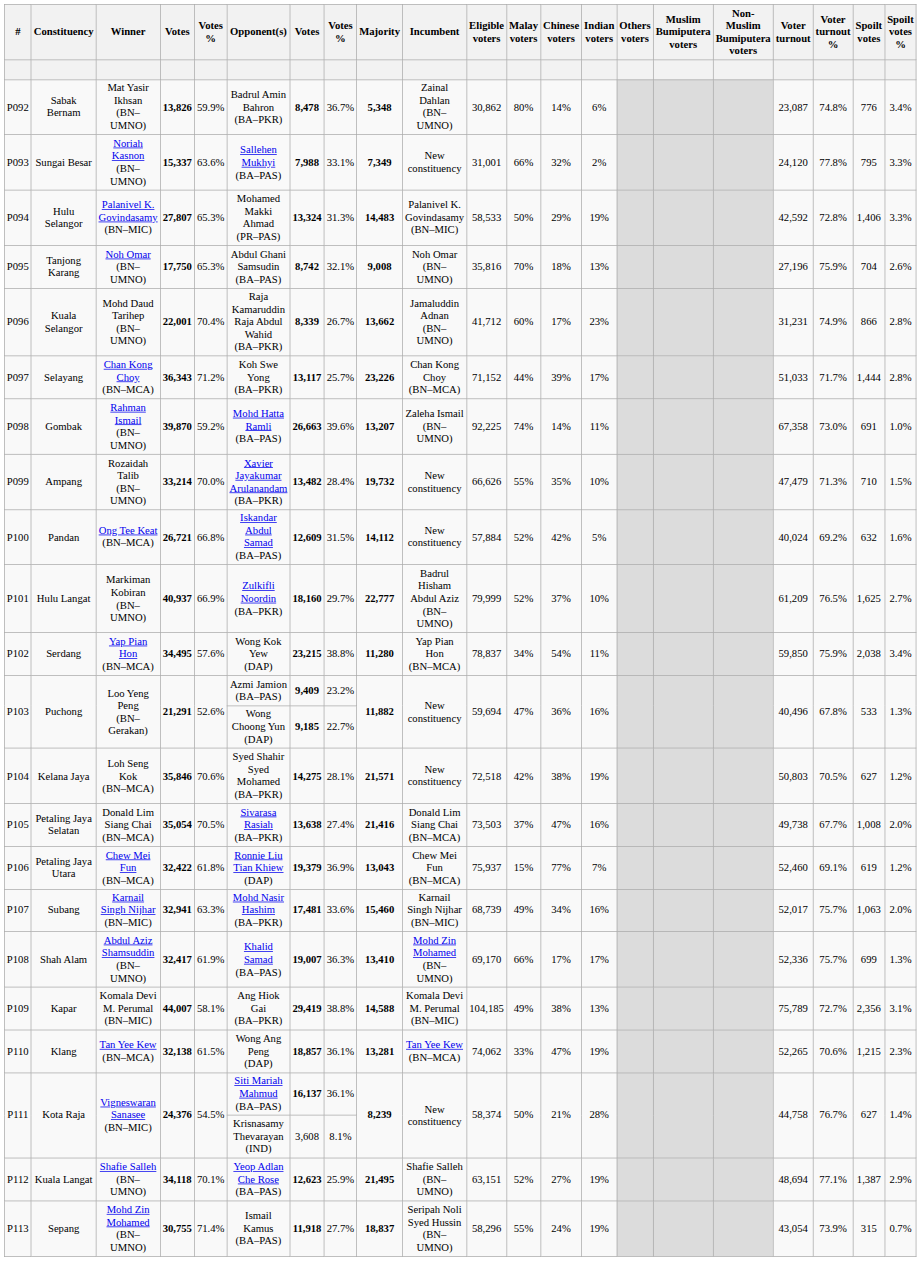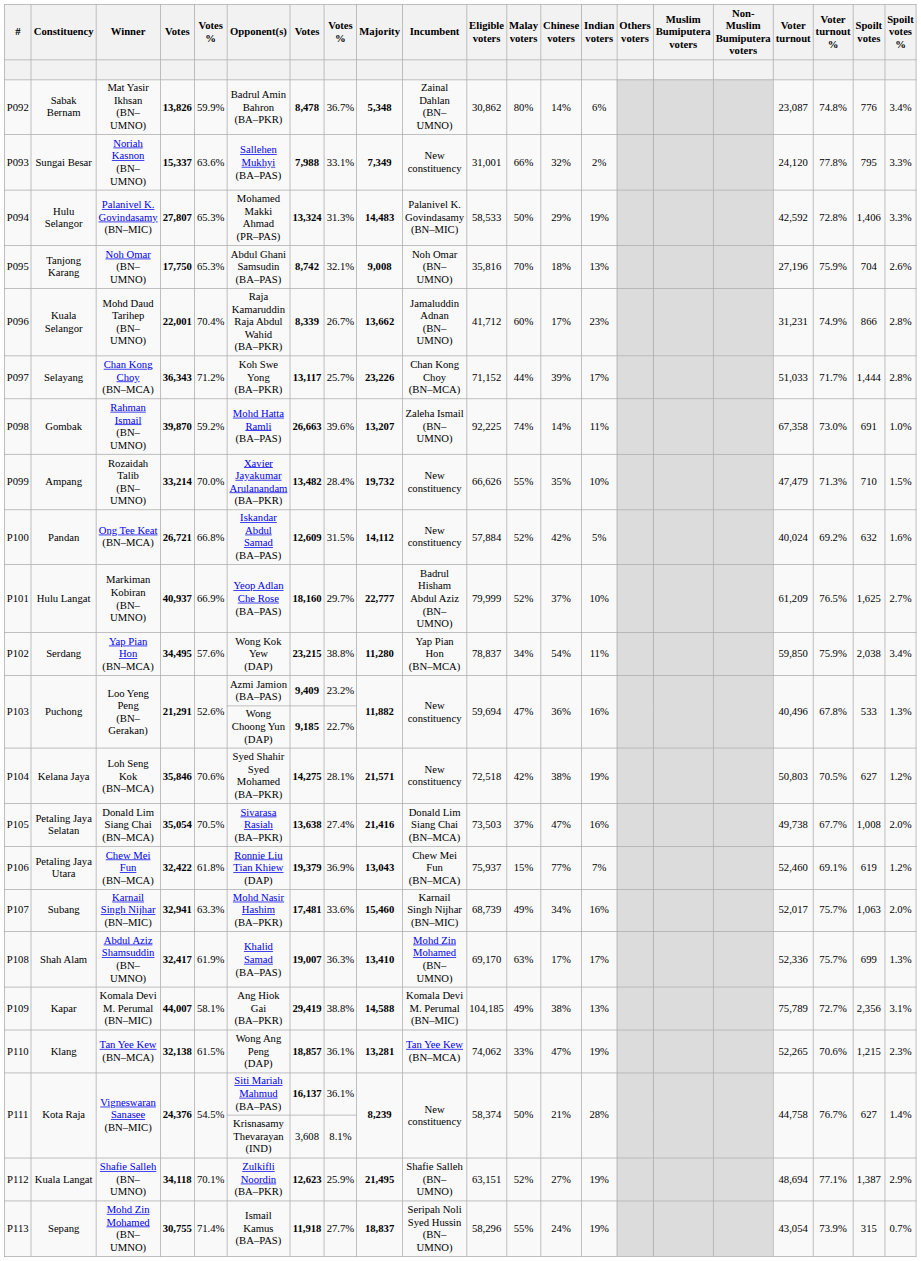 <table class="wikitable sortable" style="text-align:center; font-size:90%">
 <tr>
 <th width="30">#</th>
 <th width="60">Constituency</th>
 <th width="150">Winner</th>
 <th width="50">Votes</th>
 <th width="50">Votes %</th>
 <th width="150">Opponent(s)</th>
 <th width="50">Votes</th>
 <th width="50">Votes %</th>
 <th width="50">Majority</th>
 <th width="150">Incumbent</th>
 <th width="50">Eligible voters</th>
 <th width="50">Malay voters</th>
 <th width="50">Chinese voters</th>
 <th width="50">Indian voters</th>
 <th width="50">Others voters</th>
 <th width="50">Muslim Bumiputera voters</th>
 <th width="50">Non-Muslim Bumiputera voters</th>
 <th width="50">Voter turnout</th>
 <th width="50">Voter turnout %</th>
 <th width="50">Spoilt votes</th>
 <th width="50">Spoilt votes %</th>
 </tr>
 <tr>
 <th height="20"></th>
 <th></th>
 <th></th>
 <th></th>
 <th></th>
 <th></th>
 <th></th>
 <th></th>
 <th></th>
 <th></th>
 <th></th>
 <th></th>
 <th></th>
 <th></th>
 <th></th>
 <th></th>
 <th></th>
 <th></th>
 <th></th>
 <th></th>
 <th></th>
 </tr>
 <tr>
 <td>P092</td>
 <td>Sabak Bernam</td>
 <td>Mat Yasir Ikhsan<br>(BN–UMNO)</td>
 <td><strong>13,826</strong></td>
 <td>59.9%</td>
 <td>Badrul Amin Bahron<br>(BA–PKR)</td>
 <td><strong>8,478</strong></td>
 <td>36.7%</td>
 <td><strong>5,348</strong></td>
 <td>Zainal Dahlan<br>(BN–UMNO)</td>
 <td>30,862</td>
 <td>80%</td>
 <td>14%</td>
 <td>6%</td>
 <td bgcolor="dcdcdc"></td>
 <td bgcolor="dcdcdc"></td>
 <td bgcolor="dcdcdc"></td>
 <td>23,087</td>
 <td>74.8%</td>
 <td>776</td>
 <td>3.4%</td>
 </tr>
 <tr>
 <td>P093</td>
 <td>Sungai Besar</td>
 <td><a href='#'>Noriah Kasnon</a><br>(BN–UMNO)</td>
 <td><strong>15,337</strong></td>
 <td>63.6%</td>
 <td><a href='#'>Sallehen Mukhyi</a><br>(BA–PAS)</td>
 <td><strong>7,988</strong></td>
 <td>33.1%</td>
 <td><strong>7,349</strong></td>
 <td>New constituency</td>
 <td>31,001</td>
 <td>66%</td>
 <td>32%</td>
 <td>2%</td>
 <td bgcolor="dcdcdc"></td>
 <td bgcolor="dcdcdc"></td>
 <td bgcolor="dcdcdc"></td>
 <td>24,120</td>
 <td>77.8%</td>
 <td>795</td>
 <td>3.3%</td>
 </tr>
 <tr>
 <td>P094</td>
 <td>Hulu Selangor</td>
 <td><a href='#'>Palanivel K. Govindasamy</a><br>(BN–MIC)</td>
 <td><strong>27,807</strong></td>
 <td>65.3%</td>
 <td>Mohamed Makki Ahmad<br>(PR–PAS)</td>
 <td><strong>13,324</strong></td>
 <td>31.3%</td>
 <td><strong>14,483</strong></td>
 <td>Palanivel K. Govindasamy<br>(BN–MIC)</td>
 <td>58,533</td>
 <td>50%</td>
 <td>29%</td>
 <td>19%</td>
 <td bgcolor="dcdcdc"></td>
 <td bgcolor="dcdcdc"></td>
 <td bgcolor="dcdcdc"></td>
 <td>42,592</td>
 <td>72.8%</td>
 <td>1,406</td>
 <td>3.3%</td>
 </tr>
 <tr>
 <td>P095</td>
 <td>Tanjong Karang</td>
 <td><a href='#'>Noh Omar</a><br>(BN–UMNO)</td>
 <td><strong>17,750</strong></td>
 <td>65.3%</td>
 <td>Abdul Ghani Samsudin<br>(BA–PAS)</td>
 <td><strong>8,742</strong></td>
 <td>32.1%</td>
 <td><strong>9,008</strong></td>
 <td>Noh Omar<br>(BN–UMNO)</td>
 <td>35,816</td>
 <td>70%</td>
 <td>18%</td>
 <td>13%</td>
 <td bgcolor="dcdcdc"></td>
 <td bgcolor="dcdcdc"></td>
 <td bgcolor="dcdcdc"></td>
 <td>27,196</td>
 <td>75.9%</td>
 <td>704</td>
 <td>2.6%</td>
 </tr>
 <tr>
 <td>P096</td>
 <td>Kuala Selangor</td>
 <td>Mohd Daud Tarihep<br>(BN–UMNO)</td>
 <td><strong>22,001</strong></td>
 <td>70.4%</td>
 <td>Raja Kamaruddin Raja Abdul Wahid<br>(BA–PKR)</td>
 <td><strong>8,339</strong></td>
 <td>26.7%</td>
 <td><strong>13,662</strong></td>
 <td>Jamaluddin Adnan<br>(BN–UMNO)</td>
 <td>41,712</td>
 <td>60%</td>
 <td>17%</td>
 <td>23%</td>
 <td bgcolor="dcdcdc"></td>
 <td bgcolor="dcdcdc"></td>
 <td bgcolor="dcdcdc"></td>
 <td>31,231</td>
 <td>74.9%</td>
 <td>866</td>
 <td>2.8%</td>
 </tr>
 <tr>
 <td>P097</td>
 <td>Selayang</td>
 <td><a href='#'>Chan Kong Choy</a><br>(BN–MCA)</td>
 <td><strong>36,343</strong></td>
 <td>71.2%</td>
 <td>Koh Swe Yong<br>(BA–PKR)</td>
 <td><strong>13,117</strong></td>
 <td>25.7%</td>
 <td><strong>23,226</strong></td>
 <td>Chan Kong Choy<br>(BN–MCA)</td>
 <td>71,152</td>
 <td>44%</td>
 <td>39%</td>
 <td>17%</td>
 <td bgcolor="dcdcdc"></td>
 <td bgcolor="dcdcdc"></td>
 <td bgcolor="dcdcdc"></td>
 <td>51,033</td>
 <td>71.7%</td>
 <td>1,444</td>
 <td>2.8%</td>
 </tr>
 <tr>
 <td>P098</td>
 <td>Gombak</td>
 <td><a href='#'>Rahman Ismail</a><br>(BN–UMNO)</td>
 <td><strong>39,870</strong></td>
 <td>59.2%</td>
 <td><a href='#'>Mohd Hatta Ramli</a><br>(BA–PAS)</td>
 <td><strong>26,663</strong></td>
 <td>39.6%</td>
 <td><strong>13,207</strong></td>
 <td>Zaleha Ismail<br>(BN–UMNO)</td>
 <td>92,225</td>
 <td>74%</td>
 <td>14%</td>
 <td>11%</td>
 <td bgcolor="dcdcdc"></td>
 <td bgcolor="dcdcdc"></td>
 <td bgcolor="dcdcdc"></td>
 <td>67,358</td>
 <td>73.0%</td>
 <td>691</td>
 <td>1.0%</td>
 </tr>
 <tr>
 <td>P099</td>
 <td>Ampang</td>
 <td>Rozaidah Talib<br>(BN–UMNO)</td>
 <td><strong>33,214</strong></td>
 <td>70.0%</td>
 <td><a href='#'>Xavier Jayakumar Arulanandam</a><br>(BA–PKR)</td>
 <td><strong>13,482</strong></td>
 <td>28.4%</td>
 <td><strong>19,732</strong></td>
 <td>New constituency</td>
 <td>66,626</td>
 <td>55%</td>
 <td>35%</td>
 <td>10%</td>
 <td bgcolor="dcdcdc"></td>
 <td bgcolor="dcdcdc"></td>
 <td bgcolor="dcdcdc"></td>
 <td>47,479</td>
 <td>71.3%</td>
 <td>710</td>
 <td>1.5%</td>
 </tr>
 <tr>
 <td>P100</td>
 <td>Pandan</td>
 <td><a href='#'>Ong Tee Keat</a><br>(BN–MCA)</td>
 <td><strong>26,721</strong></td>
 <td>66.8%</td>
 <td><a href='#'>Iskandar Abdul Samad</a><br>(BA–PAS)</td>
 <td><strong>12,609</strong></td>
 <td>31.5%</td>
 <td><strong>14,112</strong></td>
 <td>New constituency</td>
 <td>57,884</td>
 <td>52%</td>
 <td>42%</td>
 <td>5%</td>
 <td bgcolor="dcdcdc"></td>
 <td bgcolor="dcdcdc"></td>
 <td bgcolor="dcdcdc"></td>
 <td>40,024</td>
 <td>69.2%</td>
 <td>632</td>
 <td>1.6%</td>
 </tr>
 <tr>
 <td>P101</td>
 <td>Hulu Langat</td>
 <td>Markiman Kobiran<br>(BN–UMNO)</td>
 <td><strong>40,937</strong></td>
 <td>66.9%</td>
-<td><a href='#'>Zulkifli Noordin</a><br>(BA–PKR)</td>
+<td><a href='#'>Yeop Adlan Che Rose</a><br>(BA–PAS)</td>
 <td><strong>18,160</strong></td>
 <td>29.7%</td>
 <td><strong>22,777</strong></td>
 <td>Badrul Hisham Abdul Aziz<br>(BN–UMNO)</td>
 <td>79,999</td>
 <td>52%</td>
 <td>37%</td>
 <td>10%</td>
 <td bgcolor="dcdcdc"></td>
 <td bgcolor="dcdcdc"></td>
 <td bgcolor="dcdcdc"></td>
 <td>61,209</td>
 <td>76.5%</td>
 <td>1,625</td>
 <td>2.7%</td>
 </tr>
 <tr>
 <td>P102</td>
 <td>Serdang</td>
 <td><a href='#'>Yap Pian Hon</a><br>(BN–MCA)</td>
 <td><strong>34,495</strong></td>
 <td>57.6%</td>
 <td>Wong Kok Yew<br>(DAP)</td>
 <td><strong>23,215</strong></td>
 <td>38.8%</td>
 <td><strong>11,280</strong></td>
 <td>Yap Pian Hon<br>(BN–MCA)</td>
 <td>78,837</td>
 <td>34%</td>
 <td>54%</td>
 <td>11%</td>
 <td bgcolor="dcdcdc"></td>
 <td bgcolor="dcdcdc"></td>
 <td bgcolor="dcdcdc"></td>
 <td>59,850</td>
 <td>75.9%</td>
 <td>2,038</td>
 <td>3.4%</td>
 </tr>
 <tr>
 <td rowspan="2">P103</td>
 <td rowspan="2">Puchong</td>
 <td rowspan="2">Loo Yeng Peng<br>(BN–Gerakan)</td>
 <td rowspan="2"><strong>21,291</strong></td>
 <td rowspan="2">52.6%</td>
 <td>Azmi Jamion<br>(BA–PAS)</td>
 <td><strong>9,409</strong></td>
 <td>23.2%</td>
 <td rowspan="2"><strong>11,882</strong></td>
 <td rowspan="2">New constituency</td>
 <td rowspan="2">59,694</td>
 <td rowspan="2">47%</td>
 <td rowspan="2">36%</td>
 <td rowspan="2">16%</td>
 <td rowspan="2" bgcolor="dcdcdc"></td>
 <td rowspan="2" bgcolor="dcdcdc"></td>
 <td rowspan="2" bgcolor="dcdcdc"></td>
 <td rowspan="2">40,496</td>
 <td rowspan="2">67.8%</td>
 <td rowspan="2">533</td>
 <td rowspan="2">1.3%</td>
 </tr>
 <tr>
 <td>Wong Choong Yun<br>(DAP)</td>
 <td><strong>9,185</strong></td>
 <td>22.7%</td>
 </tr>
 <tr>
 <td>P104</td>
 <td>Kelana Jaya</td>
 <td>Loh Seng Kok<br>(BN–MCA)</td>
 <td><strong>35,846</strong></td>
 <td>70.6%</td>
 <td>Syed Shahir Syed Mohamed<br>(BA–PKR)</td>
 <td><strong>14,275</strong></td>
 <td>28.1%</td>
 <td><strong>21,571</strong></td>
 <td>New constituency</td>
 <td>72,518</td>
 <td>42%</td>
 <td>38%</td>
 <td>19%</td>
 <td bgcolor="dcdcdc"></td>
 <td bgcolor="dcdcdc"></td>
 <td bgcolor="dcdcdc"></td>
 <td>50,803</td>
 <td>70.5%</td>
 <td>627</td>
 <td>1.2%</td>
 </tr>
 <tr>
 <td>P105</td>
 <td>Petaling Jaya Selatan</td>
 <td>Donald Lim Siang Chai<br>(BN–MCA)</td>
 <td><strong>35,054</strong></td>
 <td>70.5%</td>
 <td><a href='#'>Sivarasa Rasiah</a><br>(BA–PKR)</td>
 <td><strong>13,638</strong></td>
 <td>27.4%</td>
 <td><strong>21,416</strong></td>
 <td>Donald Lim Siang Chai<br>(BN–MCA)</td>
 <td>73,503</td>
 <td>37%</td>
 <td>47%</td>
 <td>16%</td>
 <td bgcolor="dcdcdc"></td>
 <td bgcolor="dcdcdc"></td>
 <td bgcolor="dcdcdc"></td>
 <td>49,738</td>
 <td>67.7%</td>
 <td>1,008</td>
 <td>2.0%</td>
 </tr>
 <tr>
 <td>P106</td>
 <td>Petaling Jaya Utara</td>
 <td><a href='#'>Chew Mei Fun</a><br>(BN–MCA)</td>
 <td><strong>32,422</strong></td>
 <td>61.8%</td>
 <td><a href='#'>Ronnie Liu Tian Khiew</a><br>(DAP)</td>
 <td><strong>19,379</strong></td>
 <td>36.9%</td>
 <td><strong>13,043</strong></td>
 <td>Chew Mei Fun<br>(BN–MCA)</td>
 <td>75,937</td>
 <td>15%</td>
 <td>77%</td>
 <td>7%</td>
 <td bgcolor="dcdcdc"></td>
 <td bgcolor="dcdcdc"></td>
 <td bgcolor="dcdcdc"></td>
 <td>52,460</td>
 <td>69.1%</td>
 <td>619</td>
 <td>1.2%</td>
 </tr>
 <tr>
 <td>P107</td>
 <td>Subang</td>
 <td><a href='#'>Karnail Singh Nijhar</a><br>(BN–MIC)</td>
 <td><strong>32,941</strong></td>
 <td>63.3%</td>
 <td><a href='#'>Mohd Nasir Hashim</a><br>(BA–PKR)</td>
 <td><strong>17,481</strong></td>
 <td>33.6%</td>
 <td><strong>15,460</strong></td>
 <td>Karnail Singh Nijhar<br>(BN–MIC)</td>
 <td>68,739</td>
 <td>49%</td>
 <td>34%</td>
 <td>16%</td>
 <td bgcolor="dcdcdc"></td>
 <td bgcolor="dcdcdc"></td>
 <td bgcolor="dcdcdc"></td>
 <td>52,017</td>
 <td>75.7%</td>
 <td>1,063</td>
 <td>2.0%</td>
 </tr>
 <tr>
 <td>P108</td>
 <td>Shah Alam</td>
 <td><a href='#'>Abdul Aziz Shamsuddin</a><br>(BN–UMNO)</td>
 <td><strong>32,417</strong></td>
 <td>61.9%</td>
 <td><a href='#'>Khalid Samad</a><br>(BA–PAS)</td>
 <td><strong>19,007</strong></td>
 <td>36.3%</td>
 <td><strong>13,410</strong></td>
 <td><a href='#'>Mohd Zin Mohamed</a><br>(BN–UMNO)</td>
 <td>69,170</td>
-<td>66%</td>
+<td>63%</td>
 <td>17%</td>
 <td>17%</td>
 <td bgcolor="dcdcdc"></td>
 <td bgcolor="dcdcdc"></td>
 <td bgcolor="dcdcdc"></td>
 <td>52,336</td>
 <td>75.7%</td>
 <td>699</td>
 <td>1.3%</td>
 </tr>
 <tr>
 <td>P109</td>
 <td>Kapar</td>
 <td>Komala Devi M. Perumal<br>(BN–MIC)</td>
 <td><strong>44,007</strong></td>
 <td>58.1%</td>
 <td>Ang Hiok Gai<br>(BA–PKR)</td>
 <td><strong>29,419</strong></td>
 <td>38.8%</td>
 <td><strong>14,588</strong></td>
 <td>Komala Devi M. Perumal<br>(BN–MIC)</td>
 <td>104,185</td>
 <td>49%</td>
 <td>38%</td>
 <td>13%</td>
 <td bgcolor="dcdcdc"></td>
 <td bgcolor="dcdcdc"></td>
 <td bgcolor="dcdcdc"></td>
 <td>75,789</td>
 <td>72.7%</td>
 <td>2,356</td>
 <td>3.1%</td>
 </tr>
 <tr>
 <td>P110</td>
 <td>Klang</td>
 <td><a href='#'>Tan Yee Kew</a><br>(BN–MCA)</td>
 <td><strong>32,138</strong></td>
 <td>61.5%</td>
 <td>Wong Ang Peng<br>(DAP)</td>
 <td><strong>18,857</strong></td>
 <td>36.1%</td>
 <td><strong>13,281</strong></td>
 <td><a href='#'>Tan Yee Kew</a><br>(BN–MCA)</td>
 <td>74,062</td>
 <td>33%</td>
 <td>47%</td>
 <td>19%</td>
 <td bgcolor="dcdcdc"></td>
 <td bgcolor="dcdcdc"></td>
 <td bgcolor="dcdcdc"></td>
 <td>52,265</td>
 <td>70.6%</td>
 <td>1,215</td>
 <td>2.3%</td>
 </tr>
 <tr>
 <td rowspan=2>P111</td>
 <td rowspan=2>Kota Raja</td>
 <td rowspan=2><a href='#'>Vigneswaran Sanasee</a><br>(BN–MIC)</td>
 <td rowspan=2><strong>24,376</strong></td>
 <td rowspan=2>54.5%</td>
 <td><a href='#'>Siti Mariah Mahmud</a><br>(BA–PAS)</td>
 <td><strong>16,137</strong></td>
 <td>36.1%</td>
 <td rowspan=2><strong>8,239</strong></td>
 <td rowspan=2>New constituency</td>
 <td rowspan=2>58,374</td>
 <td rowspan=2>50%</td>
 <td rowspan=2>21%</td>
 <td rowspan=2>28%</td>
 <td rowspan=2 bgcolor="dcdcdc"></td>
 <td rowspan=2 bgcolor="dcdcdc"></td>
 <td rowspan=2 bgcolor="dcdcdc"></td>
 <td rowspan=2>44,758</td>
 <td rowspan=2>76.7%</td>
 <td rowspan=2>627</td>
 <td rowspan=2>1.4%</td>
 </tr>
 <tr>
 <td>Krisnasamy Thevarayan<br>(IND)</td>
 <td>3,608</td>
 <td>8.1%</td>
 </tr>
 <tr>
 <td>P112</td>
 <td>Kuala Langat</td>
 <td><a href='#'>Shafie Salleh</a><br>(BN–UMNO)</td>
 <td><strong>34,118</strong></td>
 <td>70.1%</td>
-<td><a href='#'>Yeop Adlan Che Rose</a><br>(BA–PAS)</td>
+<td><a href='#'>Zulkifli Noordin</a><br>(BA–PKR)</td>
 <td><strong>12,623</strong></td>
 <td>25.9%</td>
 <td><strong>21,495</strong></td>
 <td>Shafie Salleh<br>(BN–UMNO)</td>
 <td>63,151</td>
 <td>52%</td>
 <td>27%</td>
 <td>19%</td>
 <td bgcolor="dcdcdc"></td>
 <td bgcolor="dcdcdc"></td>
 <td bgcolor="dcdcdc"></td>
 <td>48,694</td>
 <td>77.1%</td>
 <td>1,387</td>
 <td>2.9%</td>
 </tr>
 <tr>
 <td>P113</td>
 <td>Sepang</td>
 <td><a href='#'>Mohd Zin Mohamed</a><br>(BN–UMNO)</td>
 <td><strong>30,755</strong></td>
 <td>71.4%</td>
 <td>Ismail Kamus<br>(BA–PAS)</td>
 <td><strong>11,918</strong></td>
 <td>27.7%</td>
 <td><strong>18,837</strong></td>
 <td>Seripah Noli Syed Hussin<br>(BN–UMNO)</td>
 <td>58,296</td>
 <td>55%</td>
 <td>24%</td>
 <td>19%</td>
 <td bgcolor="dcdcdc"></td>
 <td bgcolor="dcdcdc"></td>
 <td bgcolor="dcdcdc"></td>
 <td>43,054</td>
 <td>73.9%</td>
 <td>315</td>
 <td>0.7%</td>
 </tr>
 </table>
